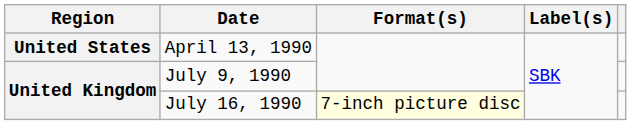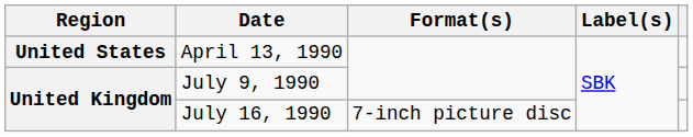 <table class="wikitable plainrowheaders">
 <tr>
 <th scope="col">Region</th>
 <th scope="col">Date</th>
 <th scope="col">Format(s)</th>
 <th scope="col">Label(s)</th>
 <th scope="col"></th>
 </tr>
 <tr>
 <th scope="row">United States</th>
 <td>April 13, 1990</td>
 <td rowspan="2"></td>
 <td rowspan="3"><a href='#'>SBK</a></td>
 <td></td>
 </tr>
 <tr>
 <th scope="row" rowspan="2">United Kingdom</th>
 <td>July 9, 1990</td>
 <td></td>
 </tr>
 <tr>
 <td>July 16, 1990</td>
-<td style="background: lightyellow;">7-inch picture disc</td>
+<td>7-inch picture disc</td>
 <td></td>
 </tr>
 </table>
